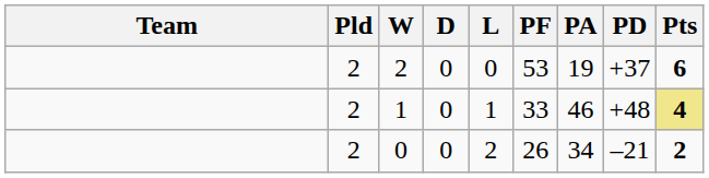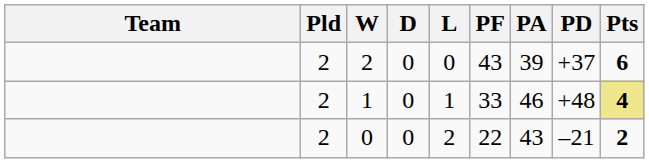 <table class="wikitable" style="text-align:center;">
 <tr>
 <th width=190>Team</th>
 <th width=20 abbr="Played">Pld</th>
 <th width=20 abbr="Won">W</th>
 <th width=20 abbr="Drawn">D</th>
 <th width=20 abbr="Lost">L</th>
 <th width=20 abbr="Points for">PF</th>
 <th width=20 abbr="Points against">PA</th>
 <th width=25 abbr="Points difference">PD</th>
 <th width=20 abbr="Points">Pts</th>
 </tr>
 <tr>
 <td align=left></td>
 <td>2</td>
 <td>2</td>
 <td>0</td>
 <td>0</td>
-<td>53</td>
-<td>19</td>
+<td>43</td>
+<td>39</td>
 <td>+37</td>
 <td><strong>6</strong></td>
 </tr>
 <tr>
 <td align=left></td>
 <td>2</td>
 <td>1</td>
 <td>0</td>
 <td>1</td>
 <td>33</td>
 <td>46</td>
 <td>+48</td>
 <td style="background: khaki;"><strong>4</strong></td>
 </tr>
 <tr>
 <td align=left></td>
 <td>2</td>
 <td>0</td>
 <td>0</td>
 <td>2</td>
-<td>26</td>
-<td>34</td>
+<td>22</td>
+<td>43</td>
 <td>–21</td>
 <td><strong>2</strong></td>
 </tr>
 </table>
